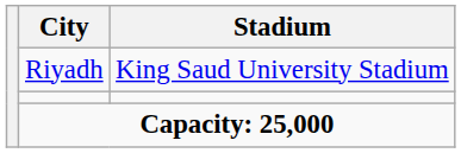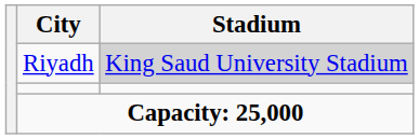 <table class="wikitable" style="text-align:center;margin:1em auto;">
 <tr>
 <th rowspan="4"></th>
 <th>City</th>
 <th>Stadium</th>
 </tr>
 <tr>
 <td><a href='#'>Riyadh</a></td>
-<td><a href='#'>King Saud University Stadium</a></td>
+<td style="background: lightgrey;"><a href='#'>King Saud University Stadium</a></td>
 </tr>
 <tr>
 <td></td>
 <td></td>
 </tr>
 <tr>
 <td colspan="2"><strong>Capacity: 25,000</strong></td>
 </tr>
 </table>
